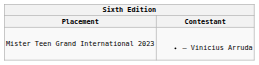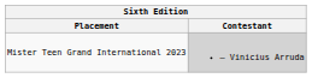 <table class="wikitable sortable" style="font-size: 85%;">
 <tr>
 <th colspan="2">Sixth Edition</th>
 </tr>
 <tr>
 <th>Placement</th>
 <th>Contestant</th>
 </tr>
 <tr>
 <td>Mister Teen Grand International 2023</td>
-<td><br><ul><li> – Vinicius Arruda</li></ul></td>
+<td style="background: lightgrey;"><br><ul><li> – Vinicius Arruda</li></ul></td>
 </tr>
 </table>
